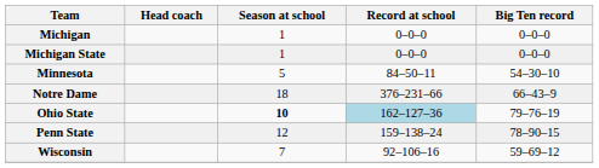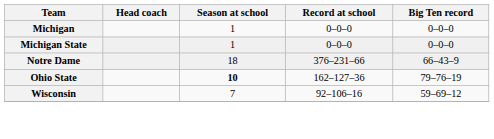 <table class="wikitable sortable" style="text-align: center; "width=60%">
 <tr>
 <th>Team</th>
 <th>Head coach</th>
 <th>Season at school</th>
 <th>Record at school</th>
 <th>Big Ten record</th>
 </tr>
 <tr>
 <th>Michigan</th>
 <td></td>
 <td>1</td>
 <td>0–0–0</td>
 <td>0–0–0</td>
 </tr>
 <tr bgcolor=f0f0f0>
 <th>Michigan State</th>
 <td></td>
 <td>1</td>
 <td>0–0–0</td>
 <td>0–0–0</td>
 </tr>
-<tr>
-<th>Minnesota</th>
-<td></td>
-<td>5</td>
-<td>84–50–11</td>
-<td>54–30–10</td>
-</tr>
 <tr bgcolor=f0f0f0>
 <th>Notre Dame</th>
 <td></td>
 <td>18</td>
 <td>376–231–66</td>
 <td>66–43–9</td>
 </tr>
 <tr>
 <th>Ohio State</th>
 <td></td>
 <td><strong>10</strong></td>
-<td style="background: lightblue;">162–127–36</td>
+<td>162–127–36</td>
 <td>79–76–19</td>
-</tr>
-<tr bgcolor=f0f0f0>
-<th>Penn State</th>
-<td></td>
-<td>12</td>
-<td>159–138–24</td>
-<td>78–90–15</td>
 </tr>
 <tr>
 <th>Wisconsin</th>
 <td></td>
 <td>7</td>
 <td>92–106–16</td>
 <td>59–69–12</td>
 </tr>
 <tr>
 </tr>
 </table>
